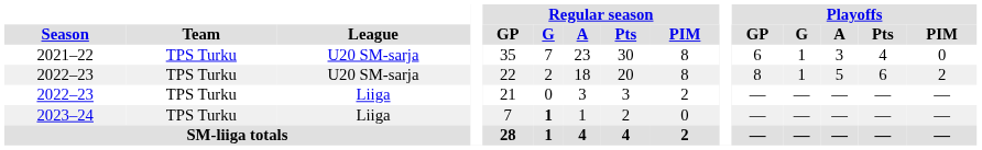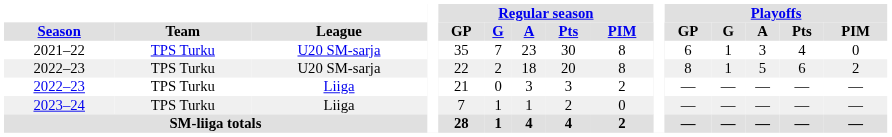 <table border="0" cellpadding="1" cellspacing="0" style="text-align:center; width:60em;">
 <tr style="background:#e0e0e0;">
 <th colspan="3"  bgcolor="#ffffff"> </th>
 <th rowspan="99" bgcolor="#ffffff"> </th>
 <th colspan="5"><a href='#'>Regular season</a></th>
 <th rowspan="99" bgcolor="#ffffff"> </th>
 <th colspan="5"><a href='#'>Playoffs</a></th>
 </tr>
 <tr style="background:#e0e0e0;">
 <th><a href='#'>Season</a></th>
 <th>Team</th>
 <th>League</th>
 <th>GP</th>
 <th><a href='#'>G</a></th>
 <th><a href='#'>A</a></th>
 <th><a href='#'>Pts</a></th>
 <th><a href='#'>PIM</a></th>
 <th>GP</th>
 <th>G</th>
 <th>A</th>
 <th>Pts</th>
 <th>PIM</th>
 </tr>
 <tr>
 <td>2021–22</td>
 <td><a href='#'>TPS Turku</a></td>
 <td><a href='#'>U20 SM-sarja</a></td>
 <td>35</td>
 <td>7</td>
 <td>23</td>
 <td>30</td>
 <td>8</td>
 <td>6</td>
 <td>1</td>
 <td>3</td>
 <td>4</td>
 <td>0</td>
 </tr>
 <tr bgcolor="f0f0f0">
 <td>2022–23</td>
 <td>TPS Turku</td>
 <td>U20 SM-sarja</td>
 <td>22</td>
 <td>2</td>
 <td>18</td>
 <td>20</td>
 <td>8</td>
 <td>8</td>
 <td>1</td>
 <td>5</td>
 <td>6</td>
 <td>2</td>
 </tr>
 <tr>
 <td><a href='#'>2022–23</a></td>
 <td>TPS Turku</td>
 <td><a href='#'>Liiga</a></td>
 <td>21</td>
 <td>0</td>
 <td>3</td>
 <td>3</td>
 <td>2</td>
 <td>—</td>
 <td>—</td>
 <td>—</td>
 <td>—</td>
 <td>—</td>
 </tr>
 <tr bgcolor="f0f0f0">
 <td><a href='#'>2023–24</a></td>
 <td>TPS Turku</td>
 <td>Liiga</td>
 <td>7</td>
-<td><strong>1</strong></td>
+<td>1</td>
 <td>1</td>
 <td>2</td>
 <td>0</td>
 <td>—</td>
 <td>—</td>
 <td>—</td>
 <td>—</td>
 <td>—</td>
 </tr>
 <tr bgcolor="#e0e0e0">
 <th colspan="3">SM-liiga totals</th>
 <th>28</th>
 <th>1</th>
 <th>4</th>
 <th>4</th>
 <th>2</th>
 <th>—</th>
 <th>—</th>
 <th>—</th>
 <th>—</th>
 <th>—</th>
 </tr>
 </table>
